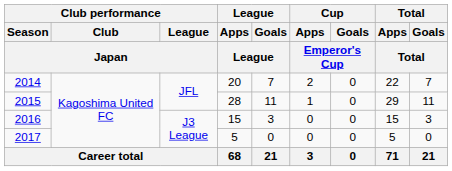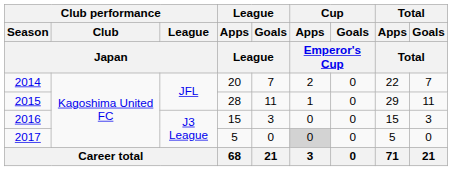 <table class="wikitable" style="text-align:center">
 <tr>
 <th colspan=3>Club performance</th>
 <th colspan=2>League</th>
 <th colspan=2>Cup</th>
 <th colspan=2>Total</th>
 </tr>
 <tr>
 <th>Season</th>
 <th>Club</th>
 <th>League</th>
 <th>Apps</th>
 <th>Goals</th>
 <th>Apps</th>
 <th>Goals</th>
 <th>Apps</th>
 <th>Goals</th>
 </tr>
 <tr>
 <th colspan=3>Japan</th>
 <th colspan=2>League</th>
 <th colspan=2><a href='#'>Emperor's Cup</a></th>
 <th colspan=2>Total</th>
 </tr>
 <tr>
 <td><a href='#'>2014</a></td>
 <td rowspan="4"><a href='#'>Kagoshima United FC</a></td>
 <td rowspan="2"><a href='#'>JFL</a></td>
 <td>20</td>
 <td>7</td>
 <td>2</td>
 <td>0</td>
 <td>22</td>
 <td>7</td>
 </tr>
 <tr>
 <td><a href='#'>2015</a></td>
 <td>28</td>
 <td>11</td>
 <td>1</td>
 <td>0</td>
 <td>29</td>
 <td>11</td>
 </tr>
 <tr>
 <td><a href='#'>2016</a></td>
 <td rowspan="2"><a href='#'>J3 League</a></td>
 <td>15</td>
 <td>3</td>
 <td>0</td>
 <td>0</td>
 <td>15</td>
 <td>3</td>
 </tr>
 <tr>
 <td><a href='#'>2017</a></td>
 <td>5</td>
 <td>0</td>
-<td>0</td>
+<td style="background: lightgrey;">0</td>
 <td>0</td>
 <td>5</td>
 <td>0</td>
 </tr>
 <tr>
 <th colspan=3>Career total</th>
 <th>68</th>
 <th>21</th>
 <th>3</th>
 <th>0</th>
 <th>71</th>
 <th>21</th>
 </tr>
 </table>
